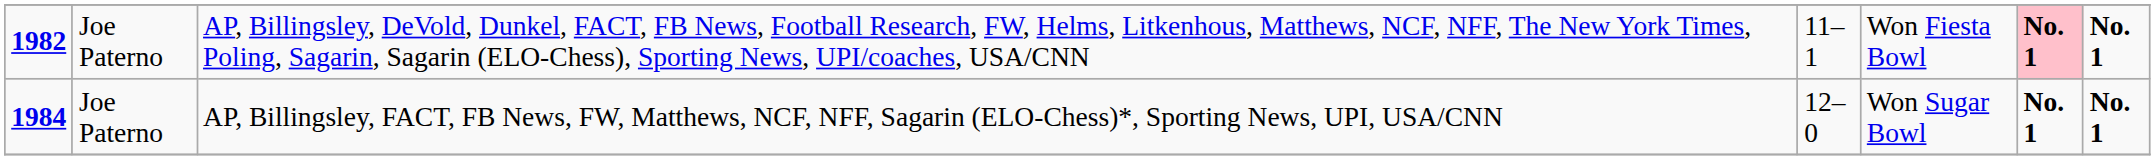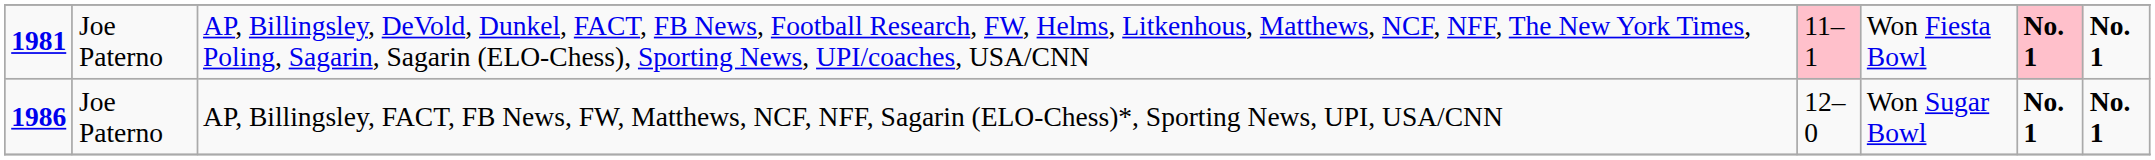 <table class="wikitable">
 <tr>
 </tr>
 <tr>
-<td><strong><a href='#'>1982</a></strong></td>
+<td><strong><a href='#'>1981</a></strong></td>
 <td>Joe Paterno</td>
 <td><a href='#'>AP</a>, <a href='#'>Billingsley</a>, <a href='#'>DeVold</a>, <a href='#'>Dunkel</a>, <a href='#'>FACT</a>, <a href='#'>FB News</a>, <a href='#'>Football Research</a>, <a href='#'>FW</a>, <a href='#'>Helms</a>, <a href='#'>Litkenhous</a>, <a href='#'>Matthews</a>, <a href='#'>NCF</a>, <a href='#'>NFF</a>, <a href='#'>The New York Times</a>, <a href='#'>Poling</a>, <a href='#'>Sagarin</a>, Sagarin (ELO-Chess), <a href='#'>Sporting News</a>, <a href='#'>UPI/coaches</a>, USA/CNN</td>
-<td>11–1</td>
+<td style="background: pink;">11–1</td>
 <td>Won <a href='#'>Fiesta Bowl</a></td>
 <td style="background: pink;"><strong>No. 1</strong></td>
 <td><strong>No. 1</strong></td>
 </tr>
 <tr>
-<td><strong><a href='#'>1984</a></strong></td>
+<td><strong><a href='#'>1986</a></strong></td>
 <td>Joe Paterno</td>
 <td>AP, Billingsley, FACT, FB News, FW, Matthews, NCF, NFF, Sagarin (ELO-Chess)*, Sporting News, UPI, USA/CNN</td>
 <td>12–0</td>
 <td>Won <a href='#'>Sugar Bowl</a></td>
 <td><strong>No. 1</strong></td>
 <td><strong>No. 1</strong></td>
 </tr>
 <tr>
 </tr>
 </table>
